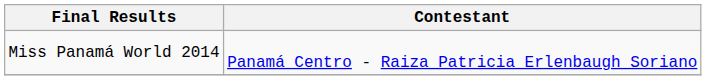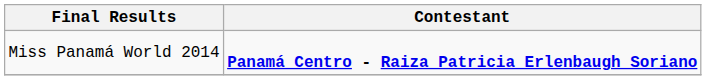 <table class="wikitable" border="1">
 <tr>
 <th>Final Results</th>
 <th>Contestant</th>
 </tr>
 <tr>
 <td>Miss Panamá World 2014</td>
-<td><br><a href='#'>Panamá Centro</a> - <a href='#'>Raiza Patricia Erlenbaugh Soriano</a></td>
+<td><strong><br><a href='#'>Panamá Centro</a> - <a href='#'>Raiza Patricia Erlenbaugh Soriano</a></strong></td>
 </tr>
 <tr>
 </tr>
 </table>
